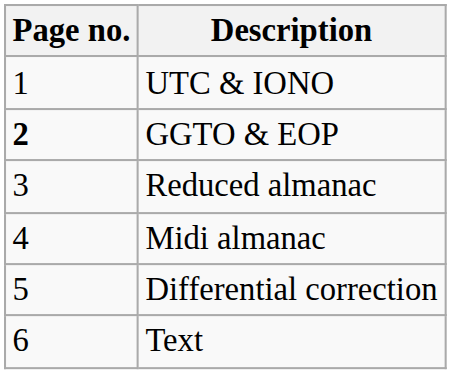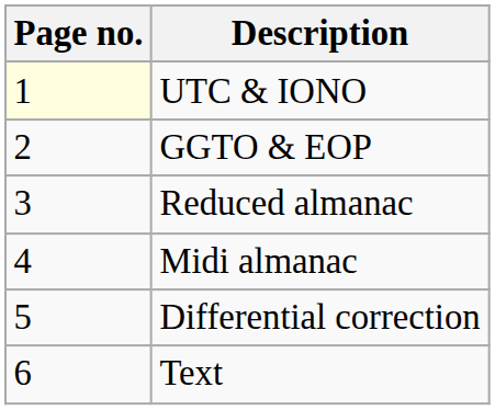 <table class="wikitable floatright">
 <tr>
 <th>Page no.</th>
 <th>Description</th>
 </tr>
 <tr>
-<td>1</td>
+<td style="background: lightyellow;">1</td>
 <td>UTC & IONO</td>
 </tr>
 <tr>
-<td><strong>2</strong></td>
+<td>2</td>
 <td><span>GGTO</span> & <span>EOP</span></td>
 </tr>
 <tr>
 <td>3</td>
 <td>Reduced almanac</td>
 </tr>
 <tr>
 <td>4</td>
 <td>Midi almanac</td>
 </tr>
 <tr>
 <td>5</td>
 <td>Differential correction</td>
 </tr>
 <tr>
 <td>6</td>
 <td>Text</td>
 </tr>
 </table>
